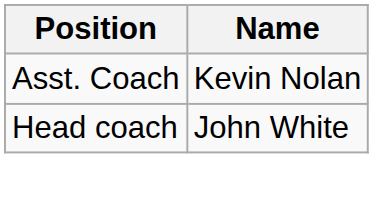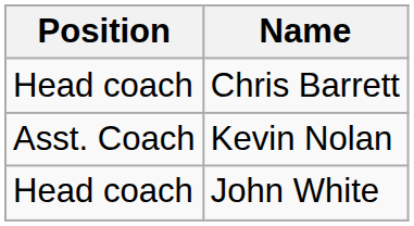 <table class="wikitable">
 <tr>
 <th width=px>Position</th>
 <th width=px>Name</th>
+</tr>
+<tr>
+<td>Head coach</td>
+<td> Chris Barrett</td>
 </tr>
 <tr>
 <td>Asst. Coach</td>
 <td> Kevin Nolan</td>
 </tr>
 <tr>
 <td>Head coach</td>
 <td> John White</td>
 </tr>
 </table>
